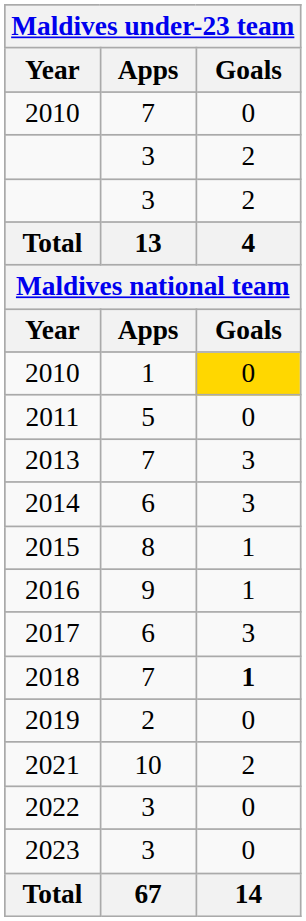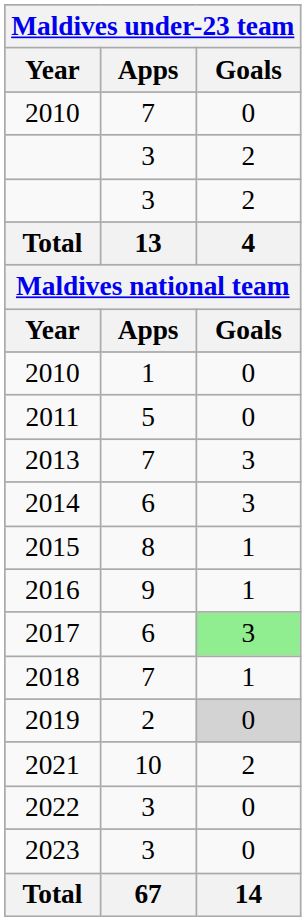 <table class="wikitable" style="text-align:center">
 <tr>
 <th colspan=3><a href='#'>Maldives under-23 team</a></th>
 </tr>
 <tr>
 <th>Year</th>
 <th>Apps</th>
 <th>Goals</th>
 </tr>
 <tr>
 <td>2010</td>
 <td>7</td>
 <td>0</td>
 </tr>
 <tr>
 <td></td>
 <td>3</td>
 <td>2</td>
 </tr>
 <tr>
 <td></td>
 <td>3</td>
 <td>2</td>
 </tr>
 <tr>
 <th>Total</th>
 <th>13</th>
 <th>4</th>
 </tr>
 <tr>
 <th colspan=3><a href='#'>Maldives national team</a></th>
 </tr>
 <tr>
 <th>Year</th>
 <th>Apps</th>
 <th>Goals</th>
 </tr>
 <tr>
 <td>2010</td>
 <td>1</td>
-<td style="background: gold;">0</td>
+<td>0</td>
 </tr>
 <tr>
 <td>2011</td>
 <td>5</td>
 <td>0</td>
 </tr>
 <tr>
 <td>2013</td>
 <td>7</td>
 <td>3</td>
 </tr>
 <tr>
 <td>2014</td>
 <td>6</td>
 <td>3</td>
 </tr>
 <tr>
 <td>2015</td>
 <td>8</td>
 <td>1</td>
 </tr>
 <tr>
 <td>2016</td>
 <td>9</td>
 <td>1</td>
 </tr>
 <tr>
 <td>2017</td>
 <td>6</td>
-<td>3</td>
+<td style="background: lightgreen;">3</td>
 </tr>
 <tr>
 <td>2018</td>
 <td>7</td>
-<td><strong>1</strong></td>
+<td>1</td>
 </tr>
 <tr>
 <td>2019</td>
 <td>2</td>
-<td>0</td>
+<td style="background: lightgrey;">0</td>
 </tr>
 <tr>
 <td>2021</td>
 <td>10</td>
 <td>2</td>
 </tr>
 <tr>
 <td>2022</td>
 <td>3</td>
 <td>0</td>
 </tr>
 <tr>
 <td>2023</td>
 <td>3</td>
 <td>0</td>
 </tr>
 <tr>
 <th>Total</th>
 <th>67</th>
 <th>14</th>
 </tr>
 </table>
